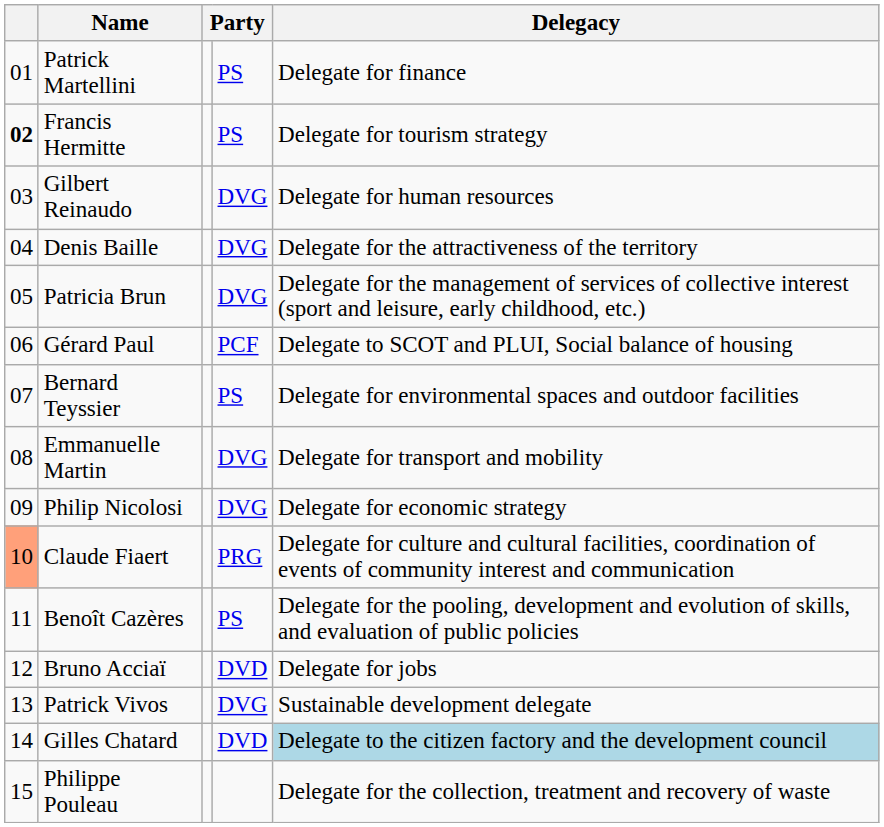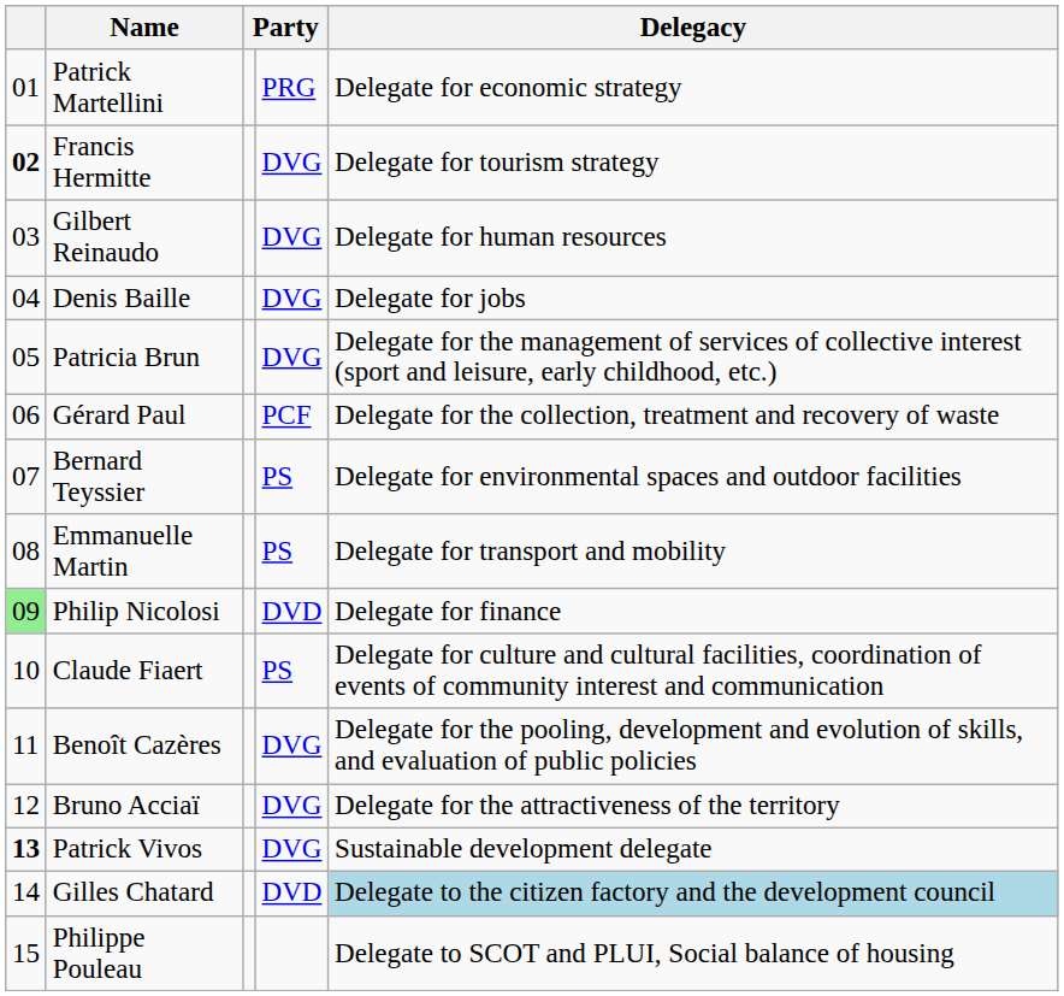 <table class="wikitable sortable">
 <tr>
 <th></th>
 <th>Name</th>
 <th colspan="2">Party</th>
 <th>Delegacy</th>
 </tr>
 <tr>
 <td>01</td>
 <td>Patrick Martellini</td>
 <td></td>
-<td><a href='#'>PS</a></td>
-<td>Delegate for finance</td>
+<td><a href='#'>PRG</a></td>
+<td>Delegate for economic strategy</td>
 </tr>
 <tr>
 <td><strong>02</strong></td>
 <td>Francis Hermitte</td>
 <td></td>
-<td><a href='#'>PS</a></td>
+<td><a href='#'>DVG</a></td>
 <td>Delegate for tourism strategy</td>
 </tr>
 <tr>
 <td>03</td>
 <td>Gilbert Reinaudo</td>
 <td></td>
 <td><a href='#'>DVG</a></td>
 <td>Delegate for human resources</td>
 </tr>
 <tr>
 <td>04</td>
 <td>Denis Baille</td>
 <td></td>
 <td><a href='#'>DVG</a></td>
-<td>Delegate for the attractiveness of the territory</td>
+<td>Delegate for jobs</td>
 </tr>
 <tr>
 <td>05</td>
 <td>Patricia Brun</td>
 <td></td>
 <td><a href='#'>DVG</a></td>
 <td>Delegate for the management of services of collective interest (sport and leisure, early childhood, etc.)</td>
 </tr>
 <tr>
 <td>06</td>
 <td>Gérard Paul</td>
 <td></td>
 <td><a href='#'>PCF</a></td>
-<td>Delegate to SCOT and PLUI, Social balance of housing</td>
+<td>Delegate for the collection, treatment and recovery of waste</td>
 </tr>
 <tr>
 <td>07</td>
 <td>Bernard Teyssier</td>
 <td></td>
 <td><a href='#'>PS</a></td>
 <td>Delegate for environmental spaces and outdoor facilities</td>
 </tr>
 <tr>
 <td>08</td>
 <td>Emmanuelle Martin</td>
 <td></td>
-<td><a href='#'>DVG</a></td>
+<td><a href='#'>PS</a></td>
 <td>Delegate for transport and mobility</td>
 </tr>
 <tr>
-<td>09</td>
+<td style="background: lightgreen;">09</td>
 <td>Philip Nicolosi</td>
 <td></td>
-<td><a href='#'>DVG</a></td>
-<td>Delegate for economic strategy</td>
+<td><a href='#'>DVD</a></td>
+<td>Delegate for finance</td>
 </tr>
 <tr>
-<td style="background: lightsalmon;">10</td>
+<td>10</td>
 <td>Claude Fiaert</td>
 <td></td>
-<td><a href='#'>PRG</a></td>
+<td><a href='#'>PS</a></td>
 <td>Delegate for culture and cultural facilities, coordination of events of community interest and communication</td>
 </tr>
 <tr>
 <td>11</td>
 <td>Benoît Cazères</td>
 <td></td>
-<td><a href='#'>PS</a></td>
+<td><a href='#'>DVG</a></td>
 <td>Delegate for the pooling, development and evolution of skills, and evaluation of public policies</td>
 </tr>
 <tr>
 <td>12</td>
 <td>Bruno Acciaï</td>
 <td></td>
-<td><a href='#'>DVD</a></td>
-<td>Delegate for jobs</td>
+<td><a href='#'>DVG</a></td>
+<td>Delegate for the attractiveness of the territory</td>
 </tr>
 <tr>
-<td>13</td>
+<td><strong>13</strong></td>
 <td>Patrick Vivos</td>
 <td></td>
 <td><a href='#'>DVG</a></td>
 <td>Sustainable development delegate</td>
 </tr>
 <tr>
 <td>14</td>
 <td>Gilles Chatard</td>
 <td></td>
 <td><a href='#'>DVD</a></td>
 <td style="background: lightblue;">Delegate to the citizen factory and the development council</td>
 </tr>
 <tr>
 <td>15</td>
 <td>Philippe Pouleau</td>
 <td></td>
 <td></td>
-<td>Delegate for the collection, treatment and recovery of waste</td>
+<td>Delegate to SCOT and PLUI, Social balance of housing</td>
 </tr>
 </table>
